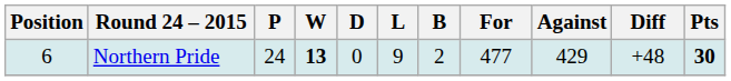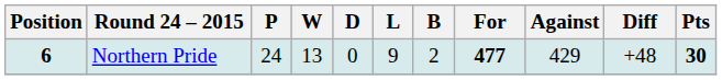 <table class="wikitable" style="text-align:center; font-size:85%;">
 <tr>
 <th width=40 abbr="Position">Position</th>
 <th width=100>Round 24 – 2015</th>
 <th width=20 abbr="Played">P</th>
 <th width=20 abbr="Won">W</th>
 <th width=20 abbr="Drawn">D</th>
 <th width=20 abbr="Lost">L</th>
 <th width=20 abbr="Bye">B</th>
 <th width=40 abbr="Points for">For</th>
 <th width=40 abbr="Points against">Against</th>
 <th width=40 abbr="Points difference">Diff</th>
 <th width=20 abbr="Points">Pts</th>
 </tr>
 <tr style="background: #d7ebed;">
-<td>6</td>
+<td><strong>6</strong></td>
 <td style="text-align:left;"> <a href='#'>Northern Pride</a></td>
 <td>24</td>
-<td><strong>13</strong></td>
+<td>13</td>
 <td>0</td>
 <td>9</td>
 <td>2</td>
-<td>477</td>
+<td><strong>477</strong></td>
 <td>429</td>
 <td>+48</td>
 <td><strong>30</strong></td>
 </tr>
 <tr>
 </tr>
 </table>
